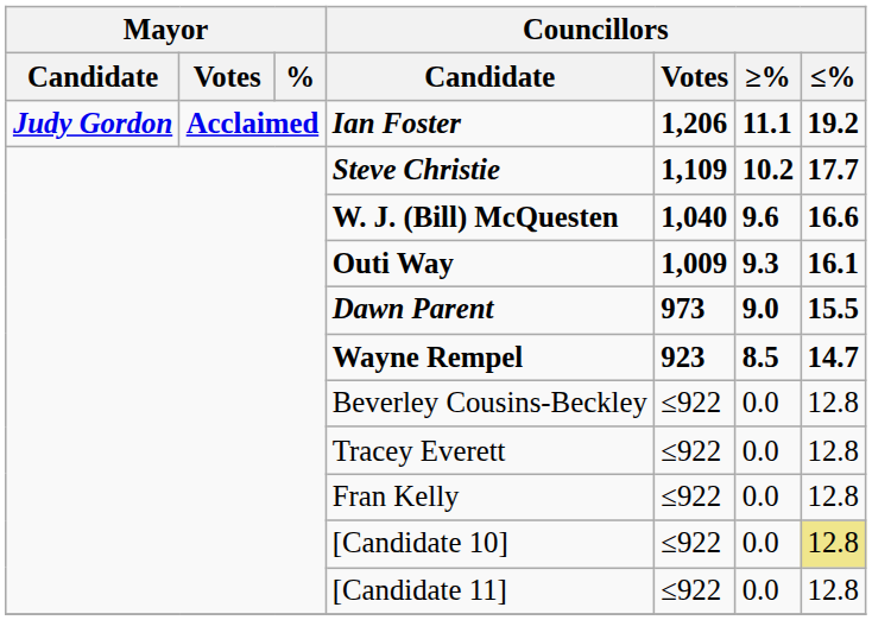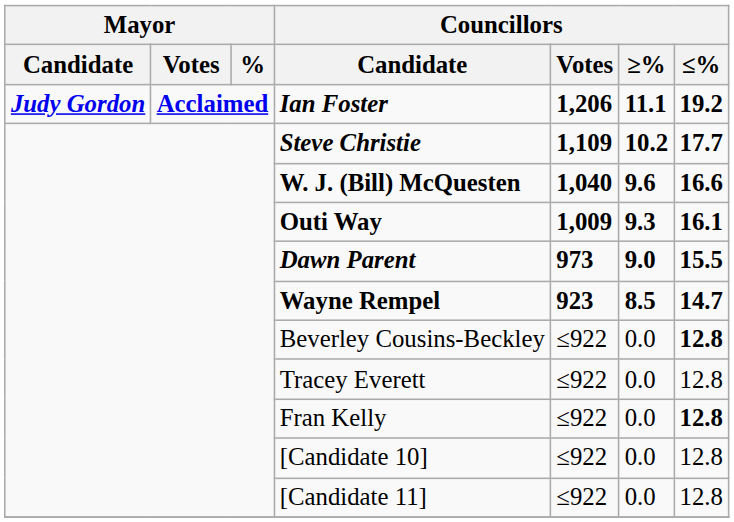 <table class="wikitable collapsible collapsed" align="right">
 <tr>
 <th colspan=3>Mayor</th>
 <th colspan=4>Councillors</th>
 </tr>
 <tr>
 <th>Candidate</th>
 <th>Votes</th>
 <th>%</th>
 <th>Candidate</th>
 <th>Votes</th>
 <th>≥%</th>
 <th>≤%</th>
 </tr>
 <tr>
 <td><strong><em><a href='#'>Judy Gordon</a></em></strong></td>
 <td colspan=2><strong><a href='#'>Acclaimed</a></strong></td>
 <td><strong><em>Ian Foster</em></strong></td>
 <td><strong>1,206</strong></td>
 <td><strong>11.1</strong></td>
 <td><strong>19.2</strong></td>
 </tr>
 <tr>
 <td rowspan=10 colspan=3></td>
 <td><strong><em>Steve Christie</em></strong></td>
 <td><strong>1,109</strong></td>
 <td><strong>10.2</strong></td>
 <td><strong>17.7</strong></td>
 </tr>
 <tr>
 <td><strong>W. J. (Bill) McQuesten</strong></td>
 <td><strong>1,040</strong></td>
 <td><strong>9.6</strong></td>
 <td><strong>16.6</strong></td>
 </tr>
 <tr>
 <td><strong>Outi Way</strong></td>
 <td><strong>1,009</strong></td>
 <td><strong>9.3</strong></td>
 <td><strong>16.1</strong></td>
 </tr>
 <tr>
 <td><strong><em>Dawn Parent</em></strong></td>
 <td><strong>973</strong></td>
 <td><strong>9.0</strong></td>
 <td><strong>15.5</strong></td>
 </tr>
 <tr>
 <td><strong>Wayne Rempel</strong></td>
 <td><strong>923</strong></td>
 <td><strong>8.5</strong></td>
 <td><strong>14.7</strong></td>
 </tr>
 <tr>
 <td>Beverley Cousins-Beckley</td>
 <td>≤922</td>
 <td>0.0</td>
-<td>12.8</td>
+<td><strong>12.8</strong></td>
 </tr>
 <tr>
 <td>Tracey Everett</td>
 <td>≤922</td>
 <td>0.0</td>
 <td>12.8</td>
 </tr>
 <tr>
 <td>Fran Kelly</td>
 <td>≤922</td>
 <td>0.0</td>
-<td>12.8</td>
+<td><strong>12.8</strong></td>
 </tr>
 <tr>
 <td>[Candidate 10]</td>
 <td>≤922</td>
 <td>0.0</td>
-<td style="background: khaki;">12.8</td>
+<td>12.8</td>
 </tr>
 <tr>
 <td>[Candidate 11]</td>
 <td>≤922</td>
 <td>0.0</td>
 <td>12.8</td>
 </tr>
 <tr>
 </tr>
 </table>
